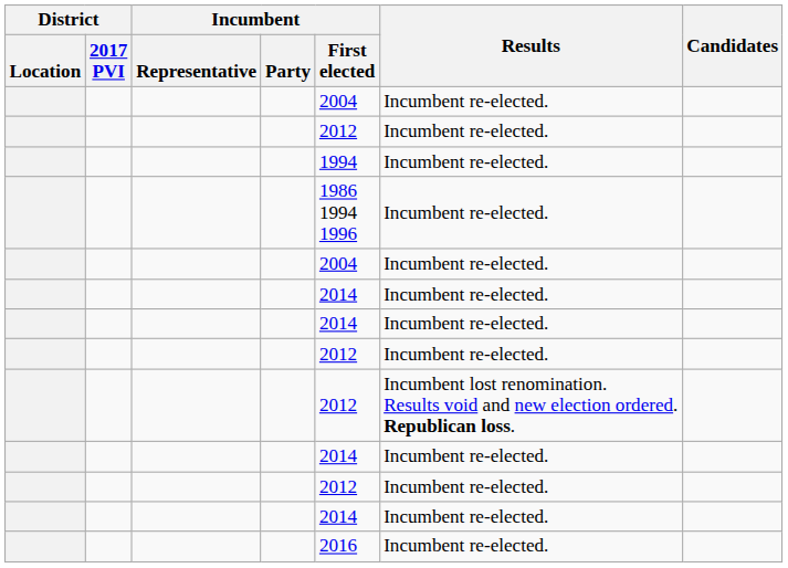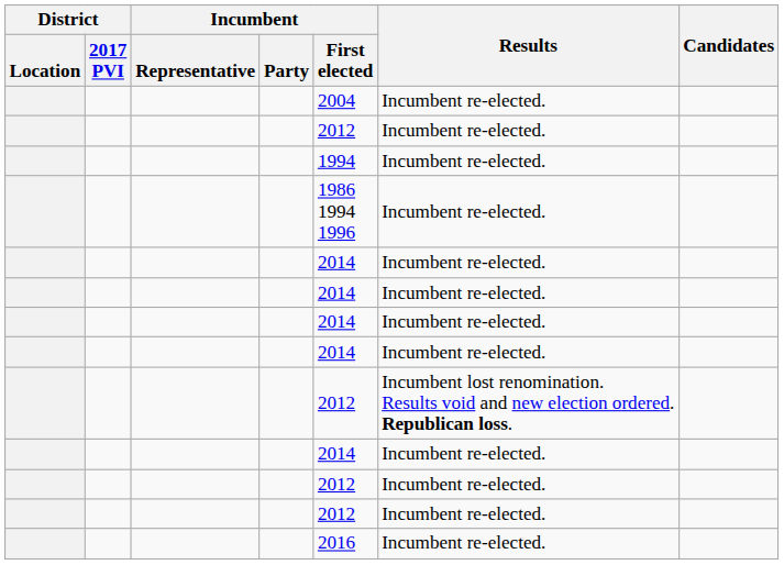 <table class="wikitable sortable">
 <tr>
 <th colspan=2>District</th>
 <th colspan=3>Incumbent</th>
 <th rowspan=2>Results</th>
 <th rowspan=2>Candidates</th>
 </tr>
 <tr valign=bottom>
 <th>Location</th>
 <th><a href='#'>2017<br>PVI</a></th>
 <th>Representative</th>
 <th>Party</th>
 <th>First<br>elected</th>
 </tr>
 <tr>
 <th></th>
 <td></td>
 <td></td>
 <td></td>
 <td><a href='#'>2004 </a></td>
 <td>Incumbent re-elected.</td>
 <td nowrap></td>
 </tr>
 <tr>
 <th></th>
 <td></td>
 <td></td>
 <td></td>
 <td><a href='#'>2012</a></td>
 <td>Incumbent re-elected.</td>
 <td nowrap></td>
 </tr>
 <tr>
 <th></th>
 <td></td>
 <td></td>
 <td></td>
 <td><a href='#'>1994</a></td>
 <td>Incumbent re-elected.</td>
 <td nowrap></td>
 </tr>
 <tr>
 <th></th>
 <td></td>
 <td></td>
 <td></td>
 <td><a href='#'>1986</a><br>1994 <br><a href='#'>1996</a></td>
 <td>Incumbent re-elected.</td>
 <td nowrap></td>
 </tr>
 <tr>
 <th></th>
 <td></td>
 <td></td>
 <td></td>
-<td><a href='#'>2004</a></td>
+<td><a href='#'>2014</a></td>
 <td>Incumbent re-elected.</td>
 <td nowrap></td>
 </tr>
 <tr>
 <th></th>
 <td></td>
 <td></td>
 <td></td>
 <td><a href='#'>2014</a></td>
 <td>Incumbent re-elected.</td>
 <td nowrap></td>
 </tr>
 <tr>
 <th></th>
 <td></td>
 <td></td>
 <td></td>
 <td><a href='#'>2014</a></td>
 <td>Incumbent re-elected.</td>
 <td nowrap></td>
 </tr>
 <tr>
 <th></th>
 <td></td>
 <td></td>
 <td></td>
-<td><a href='#'>2012</a></td>
+<td><a href='#'>2014</a></td>
 <td>Incumbent re-elected.</td>
 <td nowrap></td>
 </tr>
 <tr>
 <th></th>
 <td></td>
 <td></td>
 <td></td>
 <td><a href='#'>2012</a></td>
 <td>Incumbent lost renomination.<br><a href='#'>Results void</a> and <a href='#'>new election ordered</a>.<br><strong>Republican loss</strong>.</td>
 <td data-sort-value="ZZZ"></td>
 </tr>
 <tr>
 <th></th>
 <td></td>
 <td></td>
 <td></td>
 <td><a href='#'>2014</a></td>
 <td>Incumbent re-elected.</td>
 <td nowrap></td>
 </tr>
 <tr>
 <th></th>
 <td></td>
 <td></td>
 <td></td>
 <td><a href='#'>2012</a></td>
 <td>Incumbent re-elected.</td>
 <td nowrap></td>
 </tr>
 <tr>
 <th></th>
 <td></td>
 <td></td>
 <td></td>
-<td><a href='#'>2014</a></td>
+<td><a href='#'>2012</a></td>
 <td>Incumbent re-elected.</td>
 <td nowrap></td>
 </tr>
 <tr>
 <th></th>
 <td></td>
 <td></td>
 <td></td>
 <td><a href='#'>2016</a></td>
 <td>Incumbent re-elected.</td>
 <td nowrap></td>
 </tr>
 </table>
